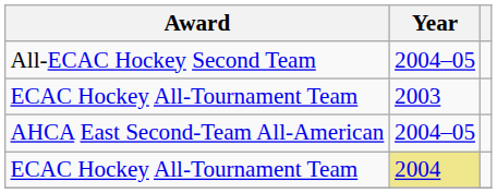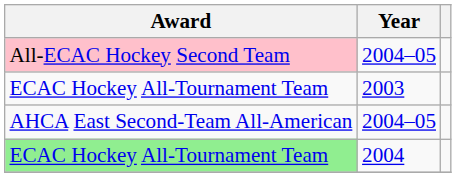 <table class="wikitable">
 <tr>
 <th>Award</th>
 <th>Year</th>
 <th></th>
 </tr>
 <tr>
-<td>All-<a href='#'>ECAC Hockey</a> <a href='#'>Second Team</a></td>
+<td style="background: pink;">All-<a href='#'>ECAC Hockey</a> <a href='#'>Second Team</a></td>
 <td><a href='#'>2004–05</a></td>
 <td></td>
 </tr>
 <tr>
 <td><a href='#'>ECAC Hockey</a> <a href='#'>All-Tournament Team</a></td>
 <td><a href='#'>2003</a></td>
 <td></td>
 </tr>
 <tr>
 <td><a href='#'>AHCA</a> <a href='#'>East Second-Team All-American</a></td>
 <td><a href='#'>2004–05</a></td>
 <td></td>
 </tr>
 <tr>
-<td><a href='#'>ECAC Hockey</a> <a href='#'>All-Tournament Team</a></td>
-<td style="background: khaki;"><a href='#'>2004</a></td>
+<td style="background: lightgreen;"><a href='#'>ECAC Hockey</a> <a href='#'>All-Tournament Team</a></td>
+<td><a href='#'>2004</a></td>
 <td></td>
 </tr>
 <tr>
 </tr>
 </table>
